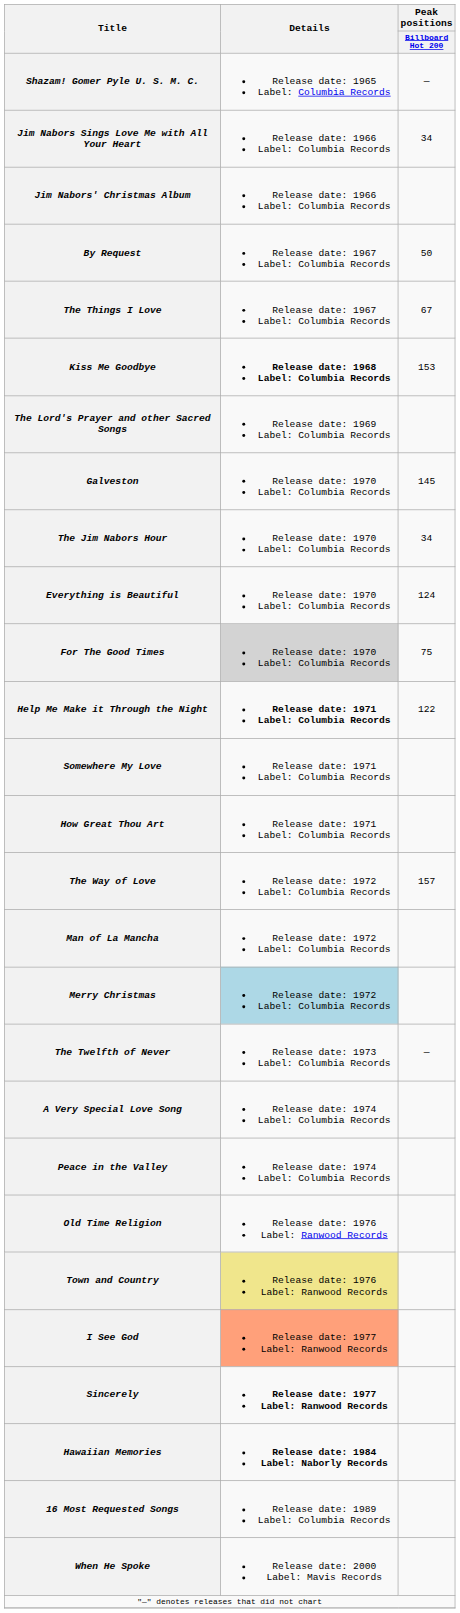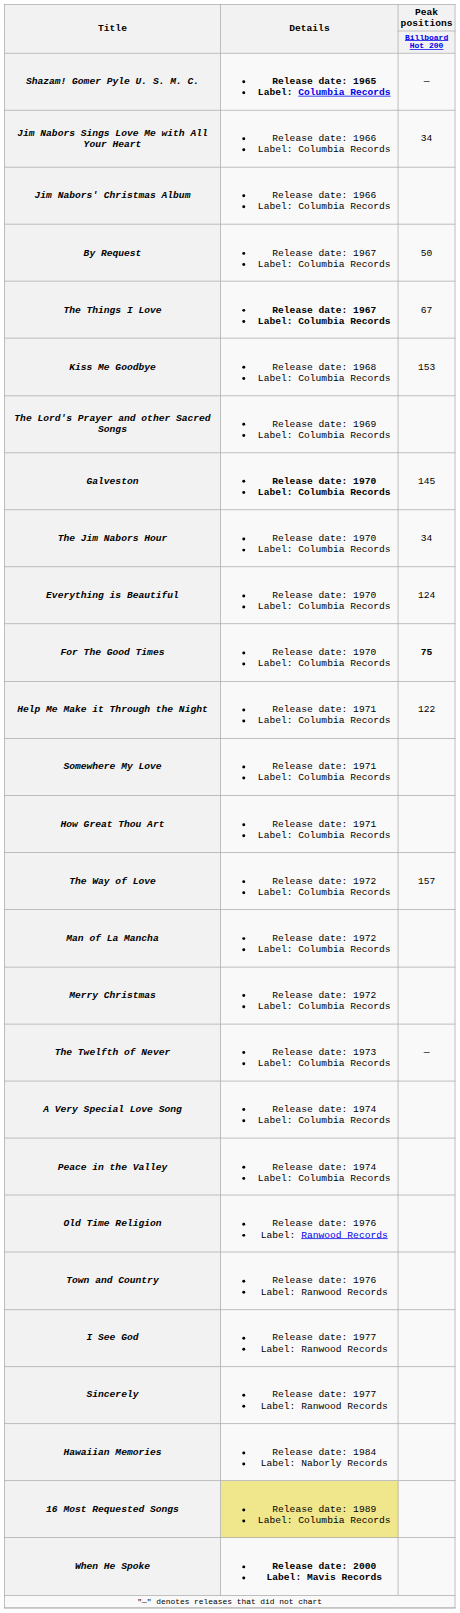 <table class="wikitable plainrowheaders" style="text-align:center;">
 <tr>
 <th rowspan="2" style="width:22em;">Title</th>
 <th rowspan="2" style="width:18em;">Details</th>
 <th>Peak positions</th>
 </tr>
 <tr style="font-size:smaller;">
 <th width="65"><a href='#'>Billboard Hot 200</a> </th>
 </tr>
 <tr>
 <th scope="row"><em>Shazam! Gomer Pyle U. S. M. C.</em></th>
-<td><br><ul><li>Release date: 1965</li><li>Label: <a href='#'>Columbia Records</a></li></ul></td>
+<td><strong><br><ul><li>Release date: 1965</li><li>Label: <a href='#'>Columbia Records</a></li></ul></strong></td>
 <td>—</td>
 </tr>
 <tr>
 <th scope="row"><em>Jim Nabors Sings Love Me with All Your Heart</em></th>
 <td><br><ul><li>Release date: 1966</li><li>Label: Columbia Records</li></ul></td>
 <td>34</td>
 </tr>
 <tr>
 <th scope="row"><em>Jim Nabors' Christmas Album</em></th>
 <td><br><ul><li>Release date: 1966</li><li>Label: Columbia Records</li></ul></td>
 <td></td>
 </tr>
 <tr>
 <th scope="row"><em>By Request</em></th>
 <td><br><ul><li>Release date: 1967</li><li>Label: Columbia Records</li></ul></td>
 <td>50</td>
 </tr>
 <tr>
 <th scope="row"><em>The Things I Love</em></th>
-<td><br><ul><li>Release date: 1967</li><li>Label: Columbia Records</li></ul></td>
+<td><strong><br><ul><li>Release date: 1967</li><li>Label: Columbia Records</li></ul></strong></td>
 <td>67</td>
 </tr>
 <tr>
 <th scope="row"><em>Kiss Me Goodbye</em></th>
-<td><strong><br><ul><li>Release date: 1968</li><li>Label: Columbia Records</li></ul></strong></td>
+<td><br><ul><li>Release date: 1968</li><li>Label: Columbia Records</li></ul></td>
 <td>153</td>
 </tr>
 <tr>
 <th scope="row"><em>The Lord's Prayer and other Sacred Songs</em></th>
 <td><br><ul><li>Release date: 1969</li><li>Label: Columbia Records</li></ul></td>
 <td></td>
 </tr>
 <tr>
 <th scope="row"><em>Galveston</em></th>
-<td><br><ul><li>Release date: 1970</li><li>Label: Columbia Records</li></ul></td>
+<td><strong><br><ul><li>Release date: 1970</li><li>Label: Columbia Records</li></ul></strong></td>
 <td>145</td>
 </tr>
 <tr>
 <th scope="row"><em>The Jim Nabors Hour</em></th>
 <td><br><ul><li>Release date: 1970</li><li>Label: Columbia Records</li></ul></td>
 <td>34</td>
 </tr>
 <tr>
 <th scope="row"><em>Everything is Beautiful</em></th>
 <td><br><ul><li>Release date: 1970</li><li>Label: Columbia Records</li></ul></td>
 <td>124</td>
 </tr>
 <tr>
 <th scope="row"><em>For The Good Times</em></th>
-<td style="background: lightgrey;"><br><ul><li>Release date: 1970</li><li>Label: Columbia Records</li></ul></td>
-<td>75</td>
+<td><br><ul><li>Release date: 1970</li><li>Label: Columbia Records</li></ul></td>
+<td><strong>75</strong></td>
 </tr>
 <tr>
 <th scope="row"><em>Help Me Make it Through the Night</em></th>
-<td><strong><br><ul><li>Release date: 1971</li><li>Label: Columbia Records</li></ul></strong></td>
+<td><br><ul><li>Release date: 1971</li><li>Label: Columbia Records</li></ul></td>
 <td>122</td>
 </tr>
 <tr>
 <th scope="row"><em>Somewhere My Love</em></th>
 <td><br><ul><li>Release date: 1971</li><li>Label: Columbia Records</li></ul></td>
 <td></td>
 </tr>
 <tr>
 <th scope="row"><em>How Great Thou Art</em></th>
 <td><br><ul><li>Release date: 1971</li><li>Label: Columbia Records</li></ul></td>
 <td></td>
 </tr>
 <tr>
 <th scope="row"><em>The Way of Love</em></th>
 <td><br><ul><li>Release date: 1972</li><li>Label: Columbia Records</li></ul></td>
 <td>157</td>
 </tr>
 <tr>
 <th scope="row"><em>Man of La Mancha</em></th>
 <td><br><ul><li>Release date: 1972</li><li>Label: Columbia Records</li></ul></td>
 <td></td>
 </tr>
 <tr>
 <th scope="row"><em>Merry Christmas</em></th>
-<td style="background: lightblue;"><br><ul><li>Release date: 1972</li><li>Label: Columbia Records</li></ul></td>
+<td><br><ul><li>Release date: 1972</li><li>Label: Columbia Records</li></ul></td>
 <td></td>
 </tr>
 <tr>
 <th scope="row"><em>The Twelfth of Never</em></th>
 <td><br><ul><li>Release date: 1973</li><li>Label: Columbia Records</li></ul></td>
 <td>—</td>
 </tr>
 <tr>
 <th scope="row"><em>A Very Special Love Song</em></th>
 <td><br><ul><li>Release date: 1974</li><li>Label: Columbia Records</li></ul></td>
 <td></td>
 </tr>
 <tr>
 <th scope="row"><em>Peace in the Valley</em></th>
 <td><br><ul><li>Release date: 1974</li><li>Label: Columbia Records</li></ul></td>
 <td></td>
 </tr>
 <tr>
 <th scope="row"><em>Old Time Religion</em></th>
 <td><br><ul><li>Release date: 1976</li><li>Label: <a href='#'>Ranwood Records</a></li></ul></td>
 <td></td>
 </tr>
 <tr>
 <th scope="row"><em>Town and Country</em></th>
-<td style="background: khaki;"><br><ul><li>Release date: 1976</li><li>Label: Ranwood Records</li></ul></td>
+<td><br><ul><li>Release date: 1976</li><li>Label: Ranwood Records</li></ul></td>
 <td></td>
 </tr>
 <tr>
 <th scope="row"><em>I See God</em></th>
-<td style="background: lightsalmon;"><br><ul><li>Release date: 1977</li><li>Label: Ranwood Records</li></ul></td>
+<td><br><ul><li>Release date: 1977</li><li>Label: Ranwood Records</li></ul></td>
 <td></td>
 </tr>
 <tr>
 <th scope="row"><em>Sincerely</em></th>
-<td><strong><br><ul><li>Release date: 1977</li><li>Label: Ranwood Records</li></ul></strong></td>
+<td><br><ul><li>Release date: 1977</li><li>Label: Ranwood Records</li></ul></td>
 <td></td>
 </tr>
 <tr>
 <th scope="row"><em>Hawaiian Memories</em></th>
-<td><strong><br><ul><li>Release date: 1984</li><li>Label: Naborly Records</li></ul></strong></td>
+<td><br><ul><li>Release date: 1984</li><li>Label: Naborly Records</li></ul></td>
 <td></td>
 </tr>
 <tr>
 <th scope="row"><em>16 Most Requested Songs</em></th>
-<td><br><ul><li>Release date: 1989</li><li>Label: Columbia Records</li></ul></td>
+<td style="background: khaki;"><br><ul><li>Release date: 1989</li><li>Label: Columbia Records</li></ul></td>
 <td></td>
 </tr>
 <tr>
 <th scope="row"><em>When He Spoke</em></th>
-<td><br><ul><li>Release date: 2000</li><li>Label: Mavis Records</li></ul></td>
+<td><strong><br><ul><li>Release date: 2000</li><li>Label: Mavis Records</li></ul></strong></td>
 <td></td>
 </tr>
 <tr>
 <td colspan="3" style="font-size:8pt">"—" denotes releases that did not chart</td>
 </tr>
 <tr>
 </tr>
 </table>
